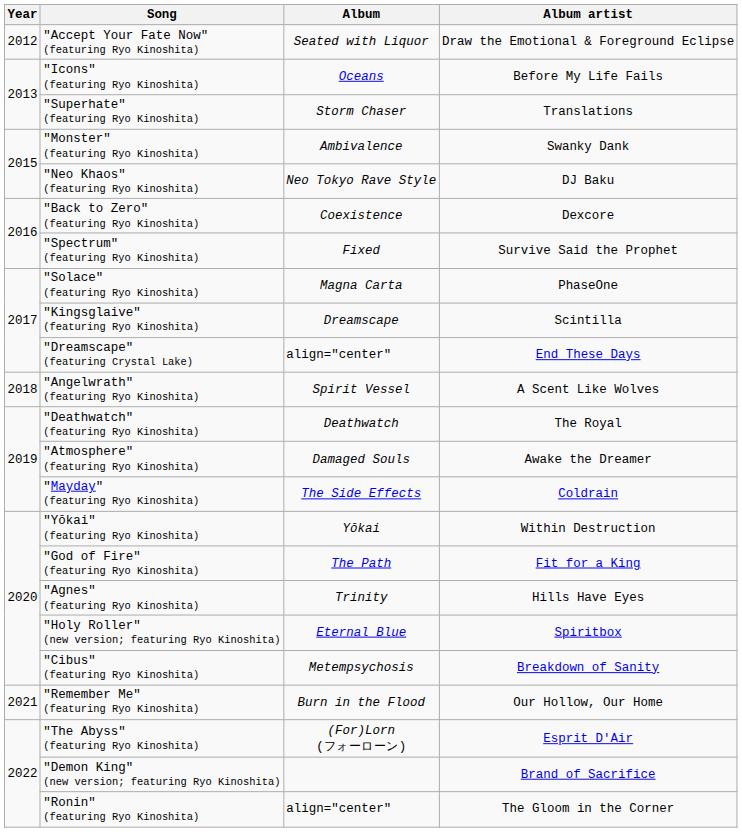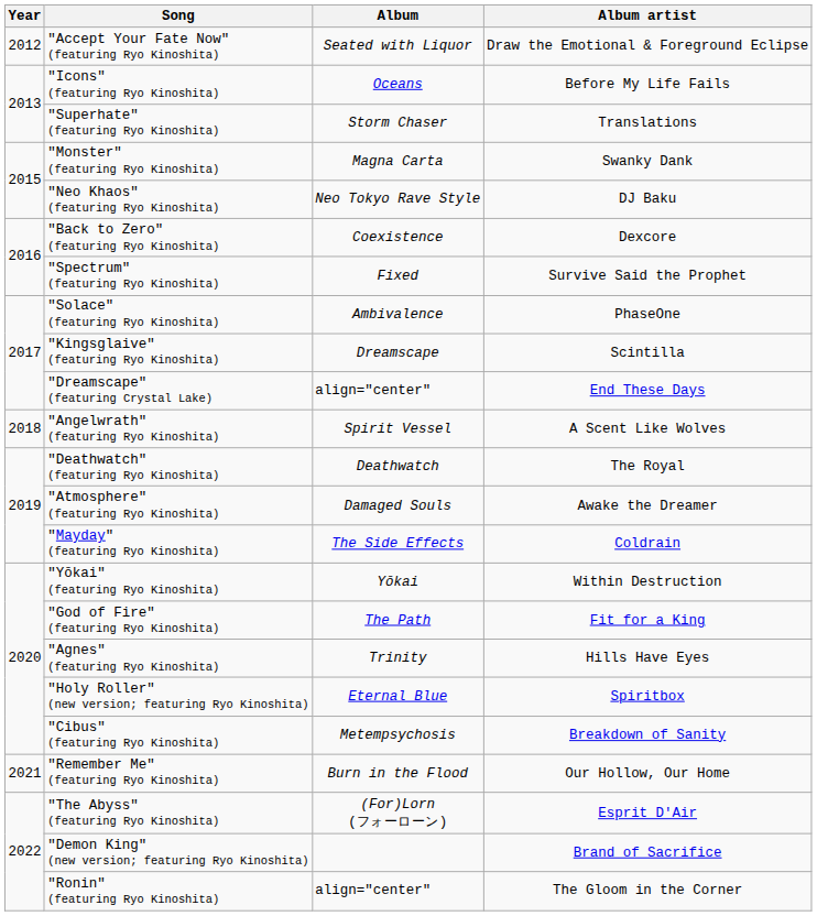 <table class="wikitable">
 <tr>
 <th>Year</th>
 <th>Song</th>
 <th>Album</th>
 <th>Album artist</th>
 </tr>
 <tr>
 <td rowspan="1">2012</td>
 <td>"Accept Your Fate Now"<br><small>(featuring Ryo Kinoshita)</small></td>
 <td align="center"><em>Seated with Liquor</em></td>
 <td align="center">Draw the Emotional & Foreground Eclipse</td>
 </tr>
 <tr>
 <td rowspan="2">2013</td>
 <td>"Icons"<br><small>(featuring Ryo Kinoshita)</small></td>
 <td align="center"><em><a href='#'>Oceans</a></em></td>
 <td align="center">Before My Life Fails</td>
 </tr>
 <tr>
 <td>"Superhate"<br><small>(featuring Ryo Kinoshita)</small></td>
 <td align="center"><em>Storm Chaser</em></td>
 <td align="center">Translations</td>
 </tr>
 <tr>
 <td rowspan="2">2015</td>
 <td>"Monster"<br><small>(featuring Ryo Kinoshita)</small></td>
-<td align="center"><em>Ambivalence</em></td>
+<td align="center"><em>Magna Carta</em></td>
 <td align="center">Swanky Dank</td>
 </tr>
 <tr>
 <td>"Neo Khaos"<br><small>(featuring Ryo Kinoshita)</small></td>
 <td align="center"><em>Neo Tokyo Rave Style</em></td>
 <td align="center">DJ Baku</td>
 </tr>
 <tr>
 <td rowspan="2">2016</td>
 <td>"Back to Zero"<br><small>(featuring Ryo Kinoshita)</small></td>
 <td align="center"><em>Coexistence</em></td>
 <td align="center">Dexcore</td>
 </tr>
 <tr>
 <td>"Spectrum"<br><small>(featuring Ryo Kinoshita)</small></td>
 <td align="center"><em>Fixed</em></td>
 <td align="center">Survive Said the Prophet</td>
 </tr>
 <tr>
 <td rowspan="3">2017</td>
 <td>"Solace"<br><small>(featuring Ryo Kinoshita)</small></td>
-<td align="center"><em>Magna Carta</em></td>
+<td align="center"><em>Ambivalence</em></td>
 <td align="center">PhaseOne</td>
 </tr>
 <tr>
 <td>"Kingsglaive"<br><small>(featuring Ryo Kinoshita)</small></td>
 <td align="center"><em>Dreamscape</em></td>
 <td align="center">Scintilla</td>
 </tr>
 <tr>
 <td>"Dreamscape"<br><small>(featuring Crystal Lake)</small></td>
 <td>align="center" </td>
 <td align="center"><a href='#'>End These Days</a></td>
 </tr>
 <tr>
 <td>2018</td>
 <td>"Angelwrath"<br><small>(featuring Ryo Kinoshita)</small></td>
 <td align="center"><em>Spirit Vessel</em></td>
 <td align="center">A Scent Like Wolves</td>
 </tr>
 <tr>
 <td rowspan="3">2019</td>
 <td>"Deathwatch"<br><small>(featuring Ryo Kinoshita)</small></td>
 <td align="center"><em>Deathwatch</em></td>
 <td align="center">The Royal</td>
 </tr>
 <tr>
 <td>"Atmosphere"<br><small>(featuring Ryo Kinoshita)</small></td>
 <td align="center"><em>Damaged Souls</em></td>
 <td align="center">Awake the Dreamer</td>
 </tr>
 <tr>
 <td>"<a href='#'>Mayday</a>"<br><small>(featuring Ryo Kinoshita)</small></td>
 <td align="center"><em><a href='#'>The Side Effects</a></em></td>
 <td align="center"><a href='#'>Coldrain</a></td>
 </tr>
 <tr>
 <td rowspan="5">2020</td>
 <td>"Yōkai"<br><small>(featuring Ryo Kinoshita)</small></td>
 <td align="center"><em>Yōkai</em></td>
 <td align="center">Within Destruction</td>
 </tr>
 <tr>
 <td>"God of Fire"<br><small>(featuring Ryo Kinoshita)</small></td>
 <td align="center"><em><a href='#'>The Path</a></em></td>
 <td align="center"><a href='#'>Fit for a King</a></td>
 </tr>
 <tr>
 <td>"Agnes"<br><small>(featuring Ryo Kinoshita)</small></td>
 <td align="center"><em>Trinity</em></td>
 <td align="center">Hills Have Eyes</td>
 </tr>
 <tr>
 <td>"Holy Roller"<br><small>(new version; featuring Ryo Kinoshita)</small></td>
 <td align="center"><em><a href='#'>Eternal Blue</a></em></td>
 <td align="center"><a href='#'>Spiritbox</a></td>
 </tr>
 <tr>
 <td>"Cibus"<br><small>(featuring Ryo Kinoshita)</small></td>
 <td align="center"><em>Metempsychosis</em></td>
 <td align="center"><a href='#'>Breakdown of Sanity</a></td>
 </tr>
 <tr>
 <td>2021</td>
 <td>"Remember Me"<br><small>(featuring Ryo Kinoshita)</small></td>
 <td align="center"><em>Burn in the Flood</em></td>
 <td align="center">Our Hollow, Our Home</td>
 </tr>
 <tr>
 <td rowspan="3">2022</td>
 <td>"The Abyss"<br><small>(featuring Ryo Kinoshita)</small></td>
 <td align="center"><em>(For)Lorn</em> <br>(フォーローン)</td>
 <td align="center"><a href='#'>Esprit D'Air</a></td>
 </tr>
 <tr>
 <td>"Demon King"<br><small>(new version; featuring Ryo Kinoshita)</small></td>
 <td></td>
 <td align="center"><a href='#'>Brand of Sacrifice</a></td>
 </tr>
 <tr>
 <td>"Ronin"<br><small>(featuring Ryo Kinoshita)</small></td>
 <td>align="center" </td>
 <td align="center">The Gloom in the Corner</td>
 </tr>
 </table>
